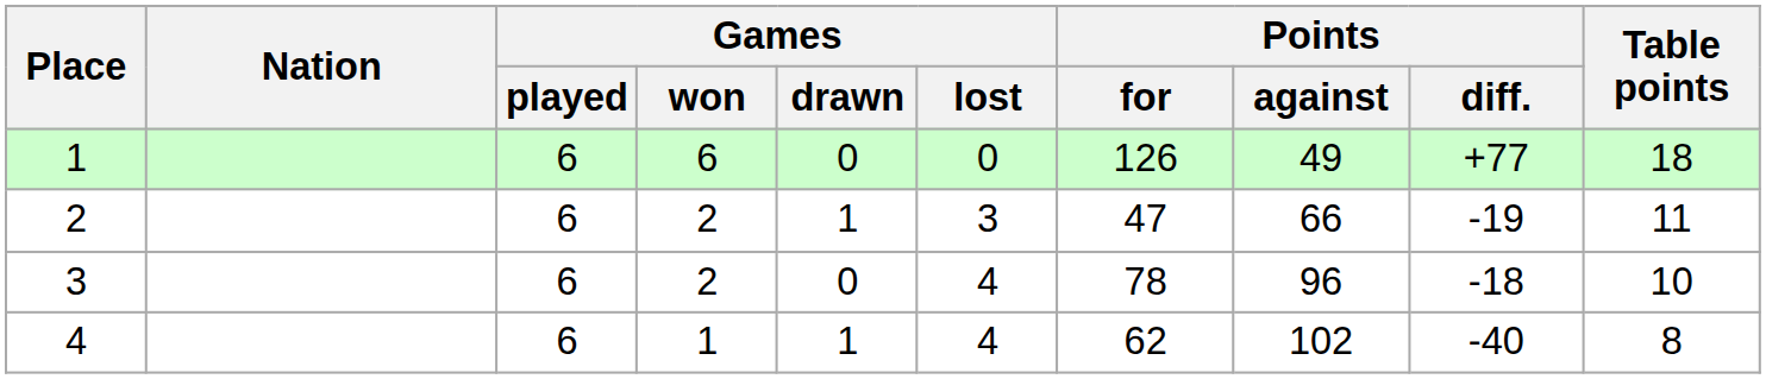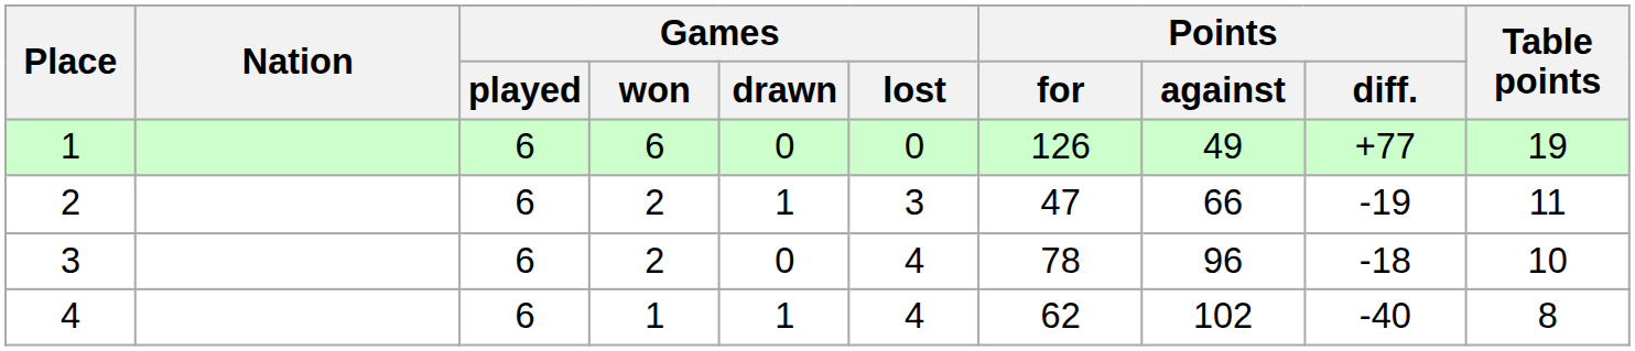 <table class="wikitable">
 <tr>
 <th rowspan="2" style="width:8%;">Place</th>
 <th rowspan="2" style="width:20%;">Nation</th>
 <th colspan="4" style="width:32%;">Games</th>
 <th colspan="3" style="width:30%;">Points</th>
 <th rowspan="2" style="width:10%;">Table<br>points</th>
 </tr>
 <tr>
 <th style="width:8%;">played</th>
 <th style="width:8%;">won</th>
 <th style="width:8%;">drawn</th>
 <th style="width:8%;">lost</th>
 <th style="width:10%;">for</th>
 <th style="width:10%;">against</th>
 <th style="width:10%;">diff.</th>
 </tr>
 <tr style="background:#cfc; text-align:center;">
 <td>1</td>
 <td align=left><strong></strong></td>
 <td>6</td>
 <td>6</td>
 <td>0</td>
 <td>0</td>
 <td>126</td>
 <td>49</td>
 <td>+77</td>
-<td>18</td>
+<td>19</td>
 </tr>
 <tr style="background:#fff; text-align:center;">
 <td>2</td>
 <td align=left></td>
 <td>6</td>
 <td>2</td>
 <td>1</td>
 <td>3</td>
 <td>47</td>
 <td>66</td>
 <td>-19</td>
 <td>11</td>
 </tr>
 <tr style="background:#fff; text-align:center;">
 <td>3</td>
 <td align=left></td>
 <td>6</td>
 <td>2</td>
 <td>0</td>
 <td>4</td>
 <td>78</td>
 <td>96</td>
 <td>-18</td>
 <td>10</td>
 </tr>
 <tr style="background:#fff; text-align:center;">
 <td>4</td>
 <td align=left></td>
 <td>6</td>
 <td>1</td>
 <td>1</td>
 <td>4</td>
 <td>62</td>
 <td>102</td>
 <td>-40</td>
 <td>8</td>
 </tr>
 </table>
